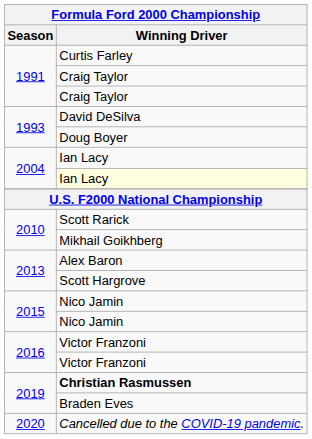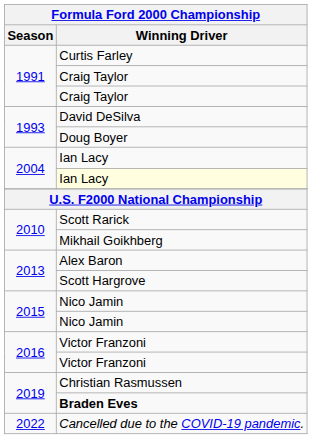 <table class="wikitable" style="font-size: 95%;">
 <tr>
 <th colspan=2><a href='#'>Formula Ford 2000 Championship</a></th>
 </tr>
 <tr>
 <th>Season</th>
 <th>Winning Driver</th>
 </tr>
 <tr>
 <td style="text-align:center;" rowspan="3"><a href='#'>1991</a></td>
 <td>Curtis Farley</td>
 </tr>
 <tr>
 <td>Craig Taylor</td>
 </tr>
 <tr>
 <td>Craig Taylor</td>
 </tr>
 <tr>
 <td style="text-align:center;" rowspan="2"><a href='#'>1993</a></td>
 <td>David DeSilva</td>
 </tr>
 <tr>
 <td>Doug Boyer</td>
 </tr>
 <tr>
 <td style="text-align:center; "rowspan="2"><a href='#'>2004</a></td>
 <td>Ian Lacy</td>
 </tr>
 <tr>
 <td style="background: lightyellow;">Ian Lacy</td>
 </tr>
 <tr>
 </tr>
 <tr>
 <th colspan=2><a href='#'>U.S. F2000 National Championship</a></th>
 </tr>
 <tr>
 <td style="text-align:center;" rowspan="2"><a href='#'>2010</a></td>
 <td>Scott Rarick</td>
 </tr>
 <tr>
 <td>Mikhail Goikhberg</td>
 </tr>
 <tr>
 <td style="text-align:center;" rowspan="2"><a href='#'>2013</a></td>
 <td>Alex Baron</td>
 </tr>
 <tr>
 <td>Scott Hargrove</td>
 </tr>
 <tr>
 <td style="text-align:center;" rowspan="2"><a href='#'>2015</a></td>
 <td>Nico Jamin</td>
 </tr>
 <tr>
 <td>Nico Jamin</td>
 </tr>
 <tr>
 <td style="text-align:center;" rowspan="2"><a href='#'>2016</a></td>
 <td>Victor Franzoni</td>
 </tr>
 <tr>
 <td>Victor Franzoni</td>
 </tr>
 <tr>
 <td style="text-align:center;" rowspan="2"><a href='#'>2019</a></td>
-<td><strong>Christian Rasmussen</strong></td>
+<td>Christian Rasmussen</td>
 </tr>
 <tr>
-<td>Braden Eves</td>
+<td><strong>Braden Eves</strong></td>
 </tr>
 <tr>
-<td style="text-align:center"><a href='#'>2020</a></td>
+<td style="text-align:center"><a href='#'>2022</a></td>
 <td style="text-align:center;"><em>Cancelled due to the <a href='#'>COVID-19 pandemic</a>.</em></td>
 </tr>
 </table>
